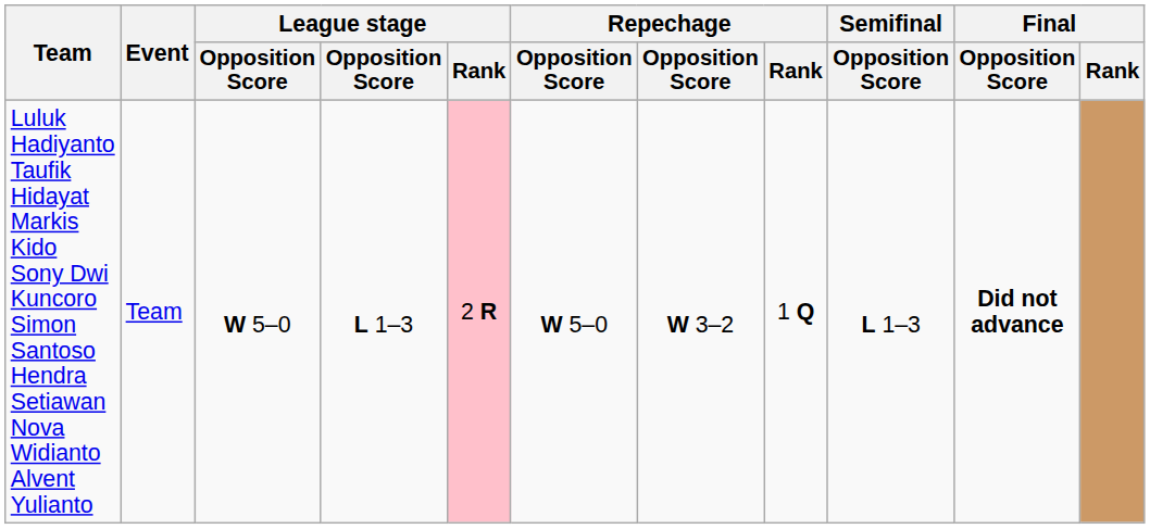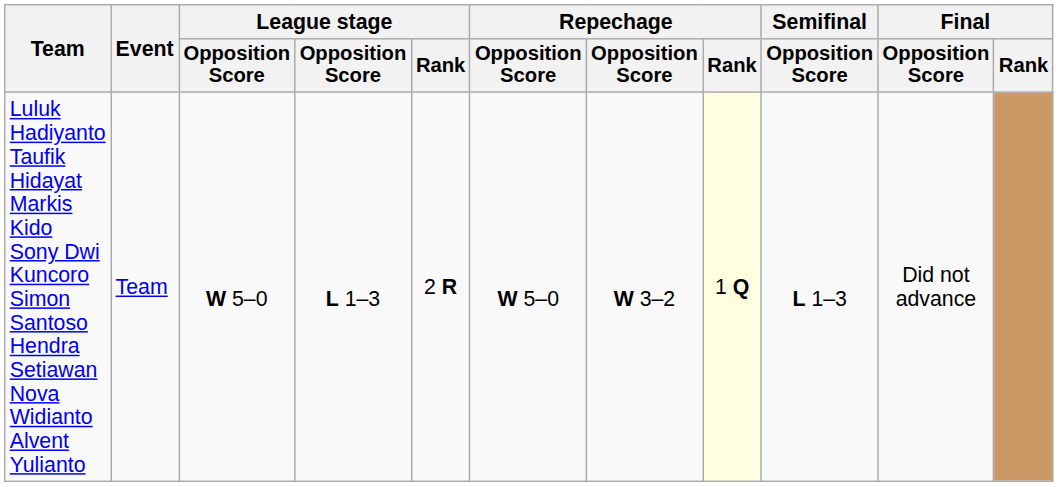 <table class="wikitable" style="font-size:90%">
 <tr>
 <th rowspan=2>Team</th>
 <th rowspan=2>Event</th>
 <th colspan=3>League stage</th>
 <th colspan=3>Repechage</th>
 <th>Semifinal</th>
 <th colspan=2>Final</th>
 </tr>
 <tr style="font-size:95%">
 <th>Opposition<br>Score</th>
 <th>Opposition<br>Score</th>
 <th>Rank</th>
 <th>Opposition<br>Score</th>
 <th>Opposition<br>Score</th>
 <th>Rank</th>
 <th>Opposition<br>Score</th>
 <th>Opposition<br>Score</th>
 <th>Rank</th>
 </tr>
 <tr align=center>
 <td align=left><a href='#'>Luluk Hadiyanto</a><br><a href='#'>Taufik Hidayat</a><br><a href='#'>Markis Kido</a><br><a href='#'>Sony Dwi Kuncoro</a><br><a href='#'>Simon Santoso</a><br><a href='#'>Hendra Setiawan</a><br><a href='#'>Nova Widianto</a><br><a href='#'>Alvent Yulianto</a></td>
 <td align=left rowspan=2><a href='#'>Team</a></td>
 <td> <br><strong>W</strong> 5–0</td>
 <td> <br><strong>L</strong> 1–3</td>
-<td style="background: pink;">2 <strong>R</strong></td>
+<td>2 <strong>R</strong></td>
 <td> <br><strong>W</strong> 5–0</td>
 <td> <br><strong>W</strong> 3–2</td>
-<td>1 <strong>Q</strong></td>
+<td style="background: lightyellow;">1 <strong>Q</strong></td>
 <td> <br><strong>L</strong> 1–3</td>
-<td align="center"><strong>Did not advance</strong></td>
+<td align="center">Did not advance</td>
 <td bgcolor=cc9966></td>
 </tr>
 </table>
